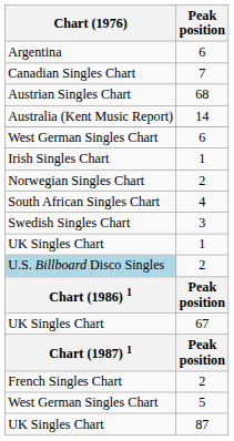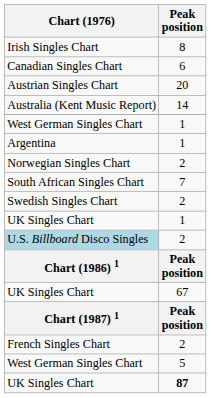 <table class="wikitable">
 <tr>
 <th>Chart (1976)</th>
 <th>Peak<br>position</th>
 </tr>
 <tr>
-<td>Argentina</td>
-<td align="center">6</td>
+<td>Irish Singles Chart</td>
+<td align="center">8</td>
 </tr>
 <tr>
 <td>Canadian Singles Chart</td>
-<td style="text-align:center;">7</td>
+<td style="text-align:center;">6</td>
 </tr>
 <tr>
 <td>Austrian Singles Chart</td>
-<td style="text-align:center;">68</td>
+<td style="text-align:center;">20</td>
 </tr>
 <tr>
 <td>Australia (Kent Music Report)</td>
 <td style="text-align:center;">14</td>
 </tr>
 <tr>
 </tr>
 <tr>
 <td>West German Singles Chart</td>
-<td style="text-align:center;">6</td>
+<td style="text-align:center;">1</td>
 </tr>
 <tr>
-<td>Irish Singles Chart</td>
+<td>Argentina</td>
 <td style="text-align:center;">1</td>
 </tr>
 <tr>
 <td>Norwegian Singles Chart</td>
 <td style="text-align:center;">2</td>
 </tr>
 <tr>
 <td>South African Singles Chart</td>
-<td style="text-align:center;">4</td>
+<td style="text-align:center;">7</td>
 </tr>
 <tr>
 <td>Swedish Singles Chart</td>
-<td style="text-align:center;">3</td>
+<td style="text-align:center;">2</td>
 </tr>
 <tr>
 <td>UK Singles Chart</td>
 <td style="text-align:center;">1</td>
 </tr>
 <tr>
 <td style="background: lightblue;">U.S. <em>Billboard</em> Disco Singles</td>
 <td style="text-align:center;">2</td>
 </tr>
 <tr>
 <th>Chart (1986) <sup>1</sup></th>
 <th>Peak<br>position</th>
 </tr>
 <tr>
 <td>UK Singles Chart</td>
 <td style="text-align:center;">67</td>
 </tr>
 <tr>
 <th>Chart (1987) <sup>1</sup></th>
 <th>Peak<br>position</th>
 </tr>
 <tr>
 <td>French Singles Chart</td>
 <td style="text-align:center;">2</td>
 </tr>
 <tr>
 <td>West German Singles Chart</td>
 <td style="text-align:center;">5</td>
 </tr>
 <tr>
 <td>UK Singles Chart</td>
-<td style="text-align:center;">87</td>
+<td style="text-align:center;"><strong>87</strong></td>
 </tr>
 </table>
